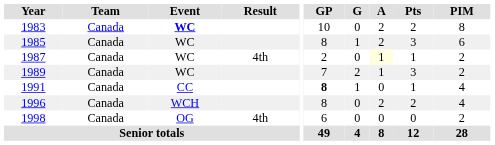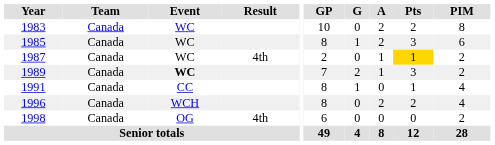 <table border="0" cellpadding="1" cellspacing="0" ID="Table3" style="text-align:center; width:40em">
 <tr ALIGN="center" bgcolor="#e0e0e0">
 <th>Year</th>
 <th>Team</th>
 <th>Event</th>
 <th>Result</th>
 <th rowspan="99" bgcolor="#ffffff"></th>
 <th>GP</th>
 <th>G</th>
 <th>A</th>
 <th>Pts</th>
 <th>PIM</th>
 </tr>
 <tr>
 <td><a href='#'>1983</a></td>
 <td><a href='#'>Canada</a></td>
-<td><strong><a href='#'>WC</a></strong></td>
+<td><a href='#'>WC</a></td>
 <td></td>
 <td>10</td>
 <td>0</td>
 <td>2</td>
 <td>2</td>
 <td>8</td>
 </tr>
 <tr bgcolor="#f0f0f0">
 <td><a href='#'>1985</a></td>
 <td>Canada</td>
 <td>WC</td>
 <td></td>
 <td>8</td>
 <td>1</td>
 <td>2</td>
 <td>3</td>
 <td>6</td>
 </tr>
 <tr>
 <td><a href='#'>1987</a></td>
 <td>Canada</td>
 <td>WC</td>
 <td>4th</td>
 <td>2</td>
 <td>0</td>
-<td style="background: lightyellow;">1</td>
 <td>1</td>
+<td style="background: gold;">1</td>
 <td>2</td>
 </tr>
 <tr bgcolor="#f0f0f0">
 <td><a href='#'>1989</a></td>
 <td>Canada</td>
-<td>WC</td>
+<td><strong>WC</strong></td>
 <td></td>
 <td>7</td>
 <td>2</td>
 <td>1</td>
 <td>3</td>
 <td>2</td>
 </tr>
 <tr>
 <td><a href='#'>1991</a></td>
 <td>Canada</td>
 <td><a href='#'>CC</a></td>
 <td></td>
-<td><strong>8</strong></td>
+<td>8</td>
 <td>1</td>
 <td>0</td>
 <td>1</td>
 <td>4</td>
 </tr>
 <tr bgcolor="#f0f0f0">
 <td><a href='#'>1996</a></td>
 <td>Canada</td>
 <td><a href='#'>WCH</a></td>
 <td></td>
 <td>8</td>
 <td>0</td>
 <td>2</td>
 <td>2</td>
 <td>4</td>
 </tr>
 <tr>
 <td><a href='#'>1998</a></td>
 <td>Canada</td>
 <td><a href='#'>OG</a></td>
 <td>4th</td>
 <td>6</td>
 <td>0</td>
 <td>0</td>
 <td>0</td>
 <td>2</td>
 </tr>
 <tr bgcolor="#e0e0e0">
 <th colspan=4>Senior totals</th>
 <th>49</th>
 <th>4</th>
 <th>8</th>
 <th>12</th>
 <th>28</th>
 </tr>
 </table>
